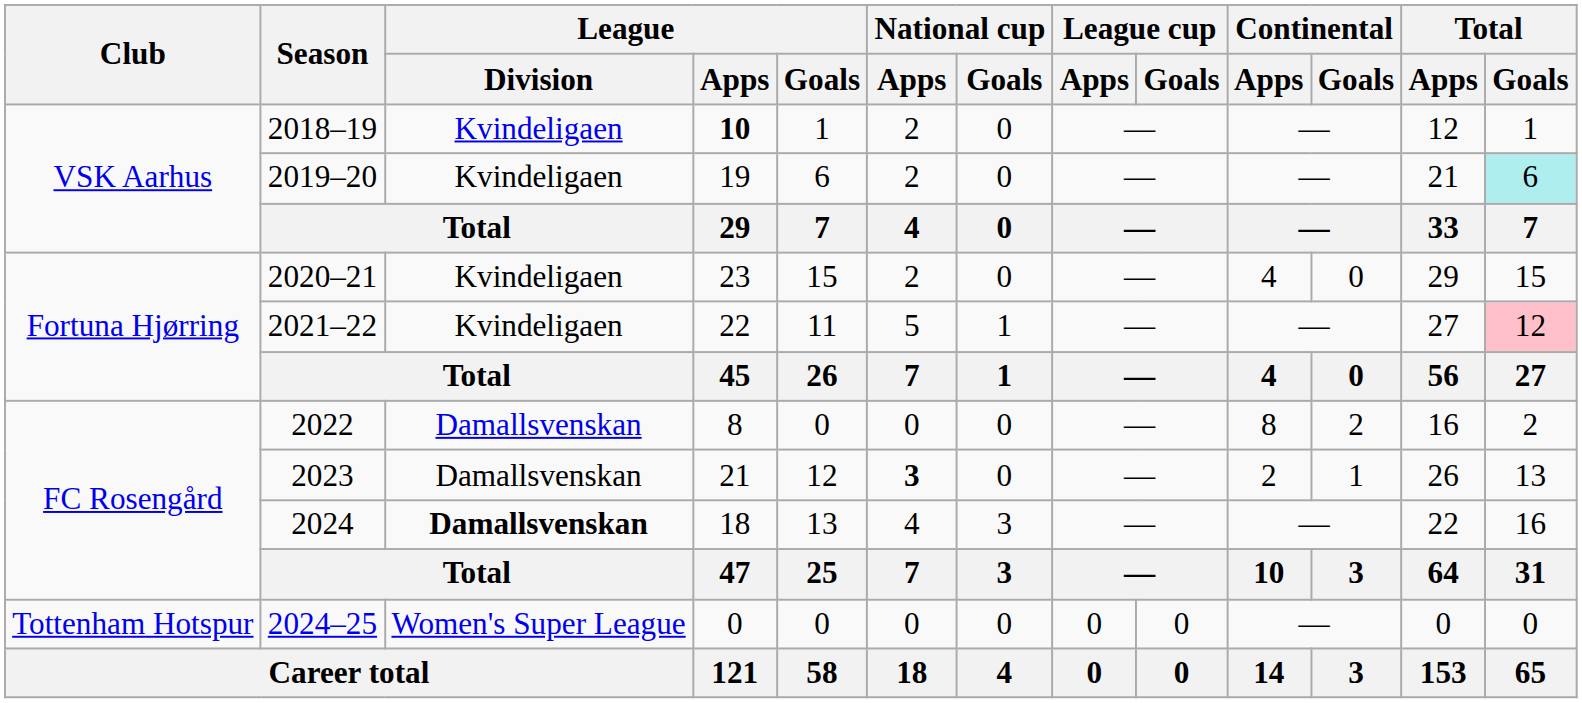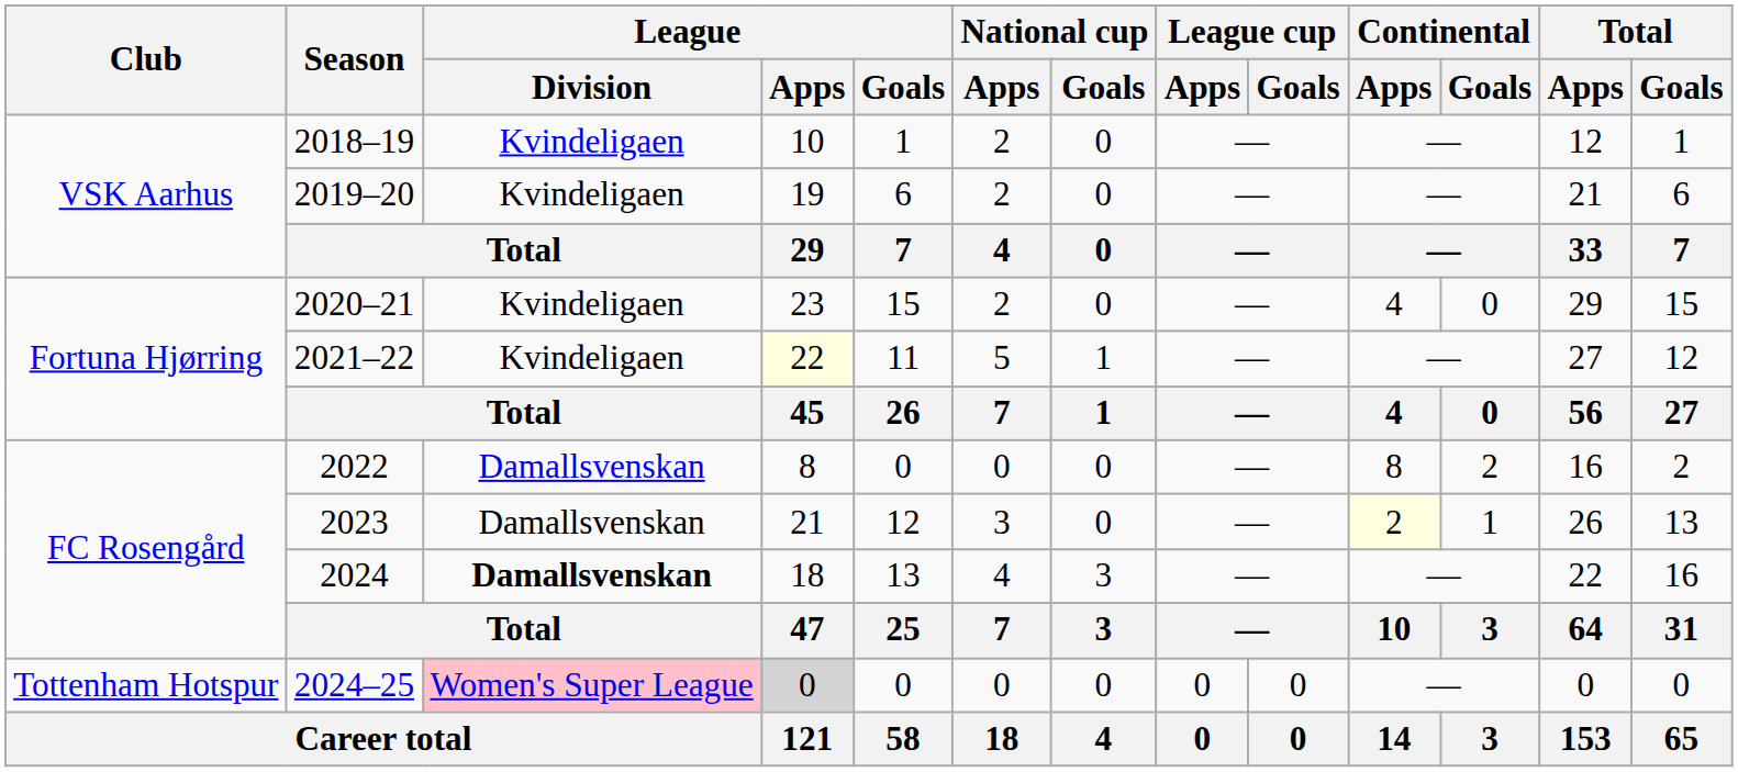 <table class="wikitable" style="text-align:center">
 <tr>
 <th rowspan="2">Club</th>
 <th rowspan="2">Season</th>
 <th colspan="3">League</th>
 <th colspan="2">National cup</th>
 <th colspan="2">League cup</th>
 <th colspan="2">Continental</th>
 <th colspan="2">Total</th>
 </tr>
 <tr>
 <th>Division</th>
 <th>Apps</th>
 <th>Goals</th>
 <th>Apps</th>
 <th>Goals</th>
 <th>Apps</th>
 <th>Goals</th>
 <th>Apps</th>
 <th>Goals</th>
 <th>Apps</th>
 <th>Goals</th>
 </tr>
 <tr>
 <td rowspan="3"><a href='#'>VSK Aarhus</a></td>
 <td>2018–19</td>
 <td><a href='#'>Kvindeligaen</a></td>
-<td><strong>10</strong></td>
+<td>10</td>
 <td>1</td>
 <td>2</td>
 <td>0</td>
 <td colspan="2">—</td>
 <td colspan="2">—</td>
 <td>12</td>
 <td>1</td>
 </tr>
 <tr>
 <td>2019–20</td>
 <td>Kvindeligaen</td>
 <td>19</td>
 <td>6</td>
 <td>2</td>
 <td>0</td>
 <td colspan="2">—</td>
 <td colspan="2">—</td>
 <td>21</td>
-<td style="background: paleturquoise;">6</td>
+<td>6</td>
 </tr>
 <tr>
 <th colspan="2">Total</th>
 <th>29</th>
 <th>7</th>
 <th>4</th>
 <th>0</th>
 <th colspan="2">—</th>
 <th colspan="2">—</th>
 <th>33</th>
 <th>7</th>
 </tr>
 <tr>
 <td rowspan="3"><a href='#'>Fortuna Hjørring</a></td>
 <td>2020–21</td>
 <td>Kvindeligaen</td>
 <td>23</td>
 <td>15</td>
 <td>2</td>
 <td>0</td>
 <td colspan="2">—</td>
 <td>4</td>
 <td>0</td>
 <td>29</td>
 <td>15</td>
 </tr>
 <tr>
 <td>2021–22</td>
 <td>Kvindeligaen</td>
-<td>22</td>
+<td style="background: lightyellow;">22</td>
 <td>11</td>
 <td>5</td>
 <td>1</td>
 <td colspan="2">—</td>
 <td colspan="2">—</td>
 <td>27</td>
-<td style="background: pink;">12</td>
+<td>12</td>
 </tr>
 <tr>
 <th colspan="2">Total</th>
 <th>45</th>
 <th>26</th>
 <th>7</th>
 <th>1</th>
 <th colspan="2">—</th>
 <th>4</th>
 <th>0</th>
 <th>56</th>
 <th>27</th>
 </tr>
 <tr>
 <td rowspan="4"><a href='#'>FC Rosengård</a></td>
 <td>2022</td>
 <td><a href='#'>Damallsvenskan</a></td>
 <td>8</td>
 <td>0</td>
 <td>0</td>
 <td>0</td>
 <td colspan="2">—</td>
 <td>8</td>
 <td>2</td>
 <td>16</td>
 <td>2</td>
 </tr>
 <tr>
 <td>2023</td>
 <td>Damallsvenskan</td>
 <td>21</td>
 <td>12</td>
-<td><strong>3</strong></td>
+<td>3</td>
 <td>0</td>
 <td colspan="2">—</td>
-<td>2</td>
+<td style="background: lightyellow;">2</td>
 <td>1</td>
 <td>26</td>
 <td>13</td>
 </tr>
 <tr>
 <td>2024</td>
 <td><strong>Damallsvenskan</strong></td>
 <td>18</td>
 <td>13</td>
 <td>4</td>
 <td>3</td>
 <td colspan="2">—</td>
 <td colspan="2">—</td>
 <td>22</td>
 <td>16</td>
 </tr>
 <tr>
 <th colspan="2">Total</th>
 <th>47</th>
 <th>25</th>
 <th>7</th>
 <th>3</th>
 <th colspan="2">—</th>
 <th>10</th>
 <th>3</th>
 <th>64</th>
 <th>31</th>
 </tr>
 <tr>
 <td><a href='#'>Tottenham Hotspur</a></td>
 <td><a href='#'>2024–25</a></td>
-<td><a href='#'>Women's Super League</a></td>
-<td>0</td>
+<td style="background: pink;"><a href='#'>Women's Super League</a></td>
+<td style="background: lightgrey;">0</td>
 <td>0</td>
 <td>0</td>
 <td>0</td>
 <td>0</td>
 <td>0</td>
 <td colspan="2">—</td>
 <td>0</td>
 <td>0</td>
 </tr>
 <tr>
 <th colspan="3">Career total</th>
 <th>121</th>
 <th>58</th>
 <th>18</th>
 <th>4</th>
 <th>0</th>
 <th>0</th>
 <th>14</th>
 <th>3</th>
 <th>153</th>
 <th>65</th>
 </tr>
 </table>
